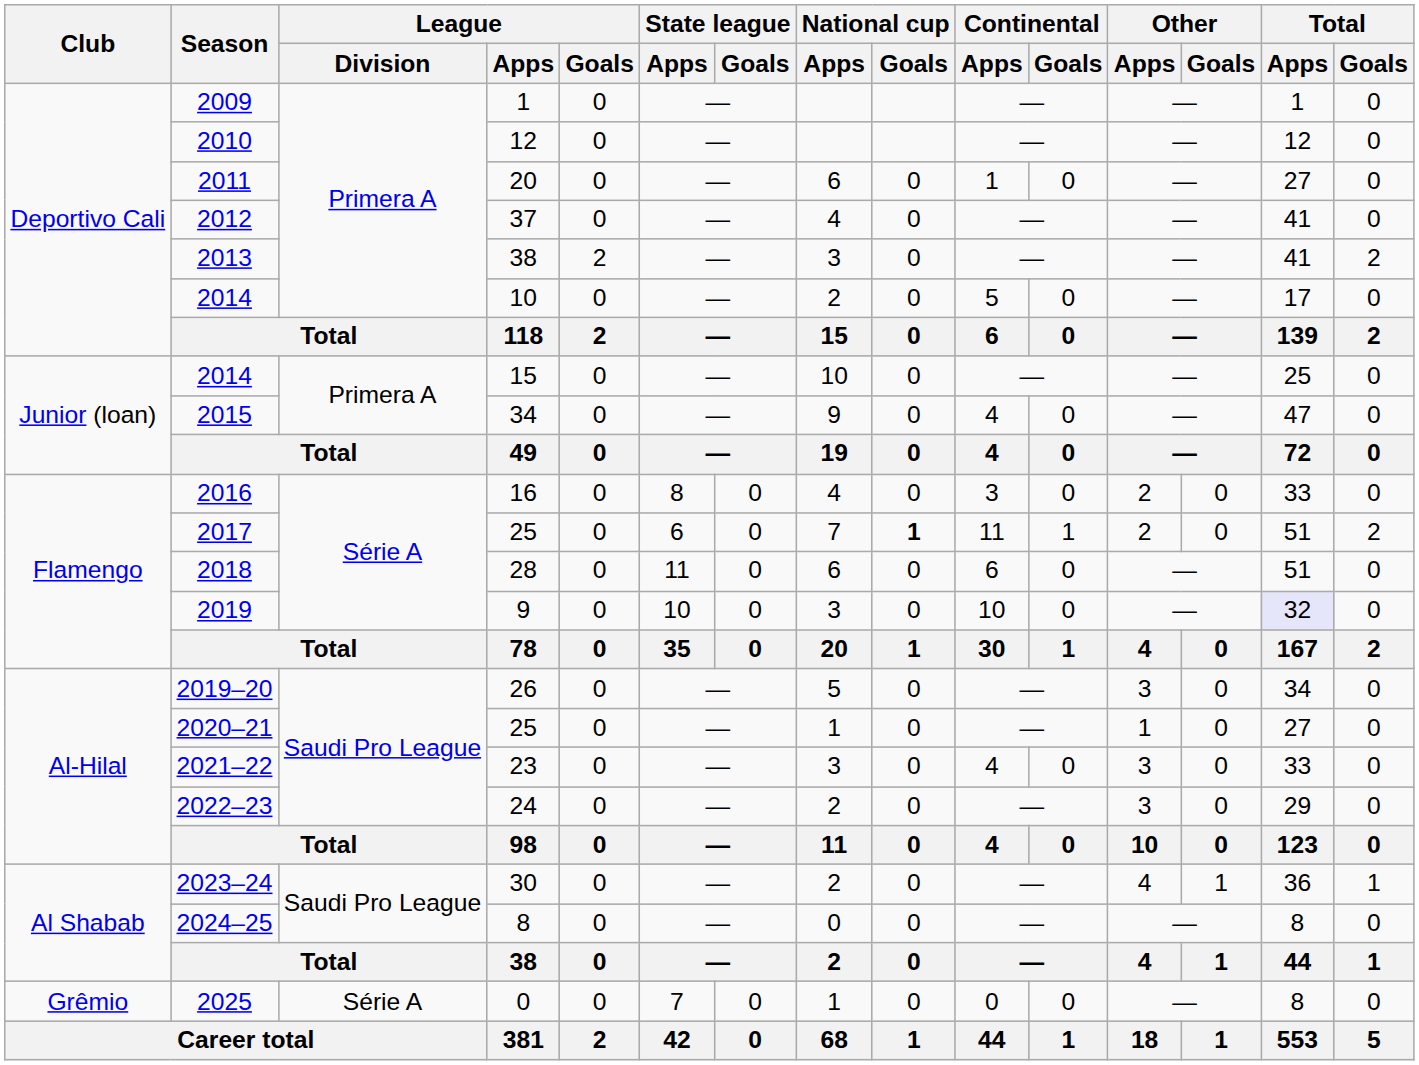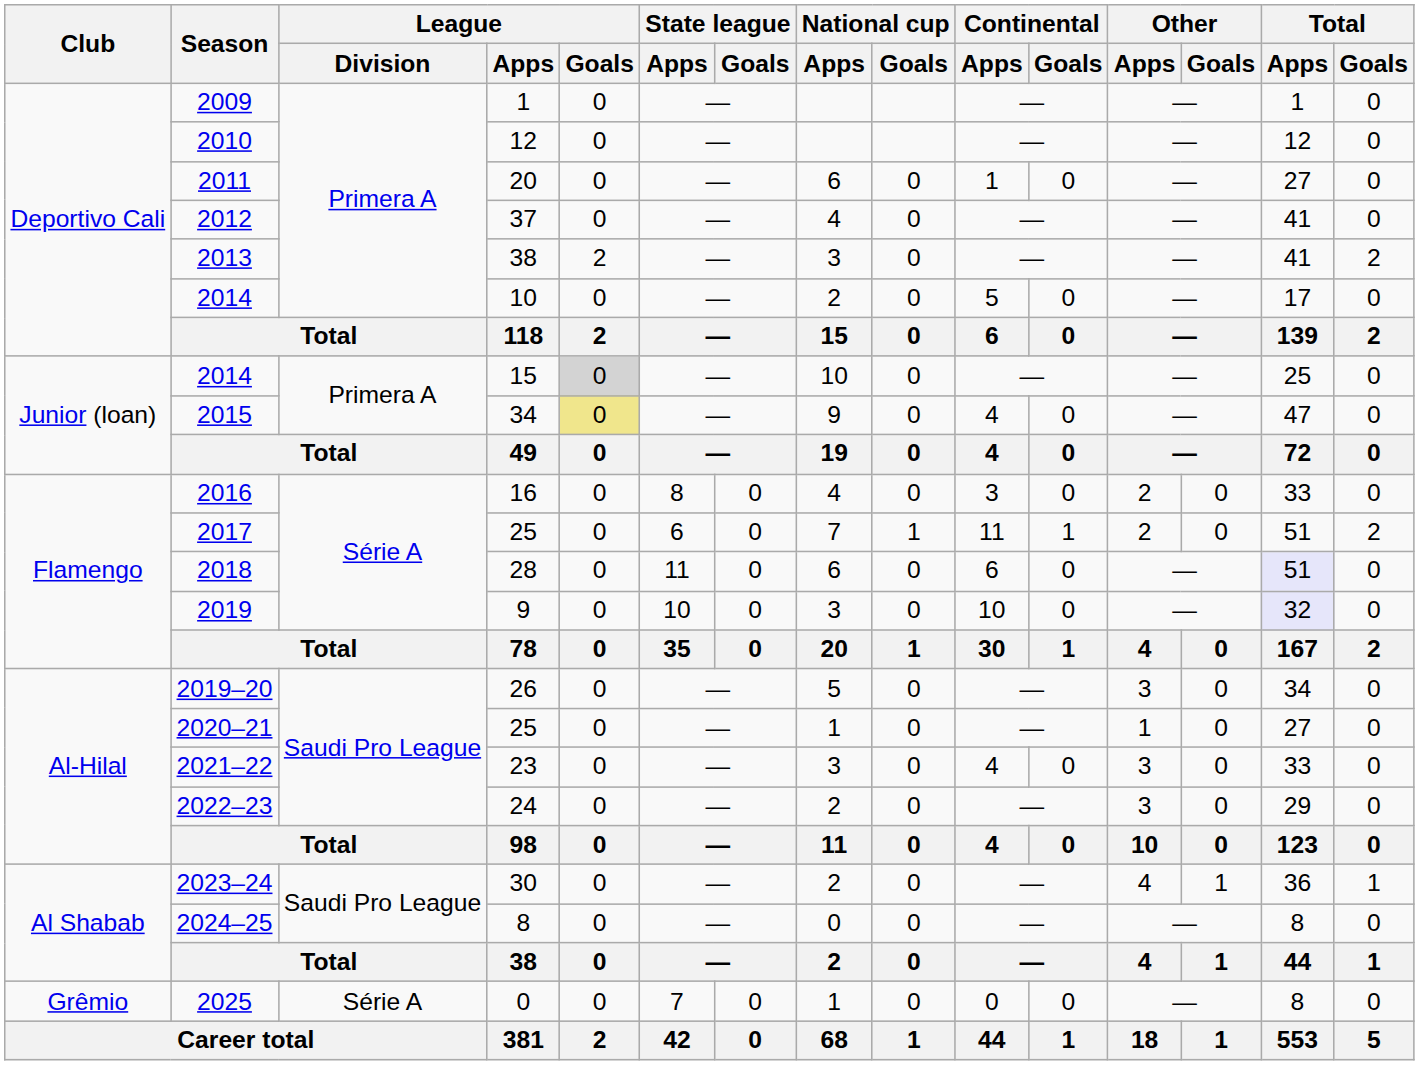 <table class="wikitable" style="text-align: center;">
 <tr>
 <th rowspan="2">Club</th>
 <th rowspan="2">Season</th>
 <th colspan="3">League</th>
 <th colspan="2">State league</th>
 <th colspan="2">National cup</th>
 <th colspan="2">Continental</th>
 <th colspan="2">Other</th>
 <th colspan="2">Total</th>
 </tr>
 <tr>
 <th>Division</th>
 <th>Apps</th>
 <th>Goals</th>
 <th>Apps</th>
 <th>Goals</th>
 <th>Apps</th>
 <th>Goals</th>
 <th>Apps</th>
 <th>Goals</th>
 <th>Apps</th>
 <th>Goals</th>
 <th>Apps</th>
 <th>Goals</th>
 </tr>
 <tr>
 <td rowspan="7" valign="center"><a href='#'>Deportivo Cali</a></td>
 <td><a href='#'>2009</a></td>
 <td rowspan="6" valign="center"><a href='#'>Primera A</a></td>
 <td>1</td>
 <td>0</td>
 <td colspan="2">—</td>
 <td></td>
 <td></td>
 <td colspan="2">—</td>
 <td colspan="2">—</td>
 <td>1</td>
 <td>0</td>
 </tr>
 <tr>
 <td><a href='#'>2010</a></td>
 <td>12</td>
 <td>0</td>
 <td colspan="2">—</td>
 <td></td>
 <td></td>
 <td colspan="2">—</td>
 <td colspan="2">—</td>
 <td>12</td>
 <td>0</td>
 </tr>
 <tr>
 <td><a href='#'>2011</a></td>
 <td>20</td>
 <td>0</td>
 <td colspan="2">—</td>
 <td>6</td>
 <td>0</td>
 <td>1</td>
 <td>0</td>
 <td colspan="2">—</td>
 <td>27</td>
 <td>0</td>
 </tr>
 <tr>
 <td><a href='#'>2012</a></td>
 <td>37</td>
 <td>0</td>
 <td colspan="2">—</td>
 <td>4</td>
 <td>0</td>
 <td colspan="2">—</td>
 <td colspan="2">—</td>
 <td>41</td>
 <td>0</td>
 </tr>
 <tr>
 <td><a href='#'>2013</a></td>
 <td>38</td>
 <td>2</td>
 <td colspan="2">—</td>
 <td>3</td>
 <td>0</td>
 <td colspan="2">—</td>
 <td colspan="2">—</td>
 <td>41</td>
 <td>2</td>
 </tr>
 <tr>
 <td><a href='#'>2014</a></td>
 <td>10</td>
 <td>0</td>
 <td colspan="2">—</td>
 <td>2</td>
 <td>0</td>
 <td>5</td>
 <td>0</td>
 <td colspan="2">—</td>
 <td>17</td>
 <td>0</td>
 </tr>
 <tr>
 <th colspan="2">Total</th>
 <th>118</th>
 <th>2</th>
 <th colspan="2">—</th>
 <th>15</th>
 <th>0</th>
 <th>6</th>
 <th>0</th>
 <th colspan="2">—</th>
 <th>139</th>
 <th>2</th>
 </tr>
 <tr>
 <td rowspan="3" valign="center"><a href='#'>Junior</a> (loan)</td>
 <td><a href='#'>2014</a></td>
 <td rowspan="2" valign="center">Primera A</td>
 <td>15</td>
-<td>0</td>
+<td style="background: lightgrey;">0</td>
 <td colspan="2">—</td>
 <td>10</td>
 <td>0</td>
 <td colspan="2">—</td>
 <td colspan="2">—</td>
 <td>25</td>
 <td>0</td>
 </tr>
 <tr>
 <td><a href='#'>2015</a></td>
 <td>34</td>
-<td>0</td>
+<td style="background: khaki;">0</td>
 <td colspan="2">—</td>
 <td>9</td>
 <td>0</td>
 <td>4</td>
 <td>0</td>
 <td colspan="2">—</td>
 <td>47</td>
 <td>0</td>
 </tr>
 <tr>
 <th colspan="2">Total</th>
 <th>49</th>
 <th>0</th>
 <th colspan="2">—</th>
 <th>19</th>
 <th>0</th>
 <th>4</th>
 <th>0</th>
 <th colspan="2">—</th>
 <th>72</th>
 <th>0</th>
 </tr>
 <tr>
 <td rowspan="5" valign="center"><a href='#'>Flamengo</a></td>
 <td><a href='#'>2016</a></td>
 <td rowspan="4" valign="center"><a href='#'>Série A</a></td>
 <td>16</td>
 <td>0</td>
 <td>8</td>
 <td>0</td>
 <td>4</td>
 <td>0</td>
 <td>3</td>
 <td>0</td>
 <td>2</td>
 <td>0</td>
 <td>33</td>
 <td>0</td>
 </tr>
 <tr>
 <td><a href='#'>2017</a></td>
 <td>25</td>
 <td>0</td>
 <td>6</td>
 <td>0</td>
 <td>7</td>
-<td><strong>1</strong></td>
+<td>1</td>
 <td>11</td>
 <td>1</td>
 <td>2</td>
 <td>0</td>
 <td>51</td>
 <td>2</td>
 </tr>
 <tr>
 <td><a href='#'>2018</a></td>
 <td>28</td>
 <td>0</td>
 <td>11</td>
 <td>0</td>
 <td>6</td>
 <td>0</td>
 <td>6</td>
 <td>0</td>
 <td colspan="2">—</td>
-<td>51</td>
+<td style="background: lavender;">51</td>
 <td>0</td>
 </tr>
 <tr>
 <td><a href='#'>2019</a></td>
 <td>9</td>
 <td>0</td>
 <td>10</td>
 <td>0</td>
 <td>3</td>
 <td>0</td>
 <td>10</td>
 <td>0</td>
 <td colspan="2">—</td>
 <td style="background: lavender;">32</td>
 <td>0</td>
 </tr>
 <tr>
 <th colspan="2">Total</th>
 <th>78</th>
 <th>0</th>
 <th>35</th>
 <th>0</th>
 <th>20</th>
 <th>1</th>
 <th>30</th>
 <th>1</th>
 <th>4</th>
 <th>0</th>
 <th>167</th>
 <th>2</th>
 </tr>
 <tr>
 <td rowspan="5" valign="center"><a href='#'>Al-Hilal</a></td>
 <td><a href='#'>2019–20</a></td>
 <td rowspan="4" valign="center"><a href='#'>Saudi Pro League</a></td>
 <td>26</td>
 <td>0</td>
 <td colspan="2">—</td>
 <td>5</td>
 <td>0</td>
 <td colspan="2">—</td>
 <td>3</td>
 <td>0</td>
 <td>34</td>
 <td>0</td>
 </tr>
 <tr>
 <td><a href='#'>2020–21</a></td>
 <td>25</td>
 <td>0</td>
 <td colspan="2">—</td>
 <td>1</td>
 <td>0</td>
 <td colspan="2">—</td>
 <td>1</td>
 <td>0</td>
 <td>27</td>
 <td>0</td>
 </tr>
 <tr>
 <td><a href='#'>2021–22</a></td>
 <td>23</td>
 <td>0</td>
 <td colspan="2">—</td>
 <td>3</td>
 <td>0</td>
 <td>4</td>
 <td>0</td>
 <td>3</td>
 <td>0</td>
 <td>33</td>
 <td>0</td>
 </tr>
 <tr>
 <td><a href='#'>2022–23</a></td>
 <td>24</td>
 <td>0</td>
 <td colspan="2">—</td>
 <td>2</td>
 <td>0</td>
 <td colspan="2">—</td>
 <td>3</td>
 <td>0</td>
 <td>29</td>
 <td>0</td>
 </tr>
 <tr>
 <th colspan="2">Total</th>
 <th>98</th>
 <th>0</th>
 <th colspan="2">—</th>
 <th>11</th>
 <th>0</th>
 <th>4</th>
 <th>0</th>
 <th>10</th>
 <th>0</th>
 <th>123</th>
 <th>0</th>
 </tr>
 <tr>
 <td rowspan="3" valign="center"><a href='#'>Al Shabab</a></td>
 <td><a href='#'>2023–24</a></td>
 <td rowspan="2" valign="center">Saudi Pro League</td>
 <td>30</td>
 <td>0</td>
 <td colspan="2">—</td>
 <td>2</td>
 <td>0</td>
 <td colspan="2">—</td>
 <td>4</td>
 <td>1</td>
 <td>36</td>
 <td>1</td>
 </tr>
 <tr>
 <td><a href='#'>2024–25</a></td>
 <td>8</td>
 <td>0</td>
 <td colspan="2">—</td>
 <td>0</td>
 <td>0</td>
 <td colspan="2">—</td>
 <td colspan="2">—</td>
 <td>8</td>
 <td>0</td>
 </tr>
 <tr>
 <th colspan="2">Total</th>
 <th>38</th>
 <th>0</th>
 <th colspan="2">—</th>
 <th>2</th>
 <th>0</th>
 <th colspan="2">—</th>
 <th>4</th>
 <th>1</th>
 <th>44</th>
 <th>1</th>
 </tr>
 <tr>
 <td><a href='#'>Grêmio</a></td>
 <td><a href='#'>2025</a></td>
 <td>Série A</td>
 <td>0</td>
 <td>0</td>
 <td>7</td>
 <td>0</td>
 <td>1</td>
 <td>0</td>
 <td>0</td>
 <td>0</td>
 <td colspan="2">—</td>
 <td>8</td>
 <td>0</td>
 </tr>
 <tr>
 <th colspan="3">Career total</th>
 <th>381</th>
 <th>2</th>
 <th>42</th>
 <th>0</th>
 <th>68</th>
 <th>1</th>
 <th>44</th>
 <th>1</th>
 <th>18</th>
 <th>1</th>
 <th>553</th>
 <th>5</th>
 </tr>
 </table>
